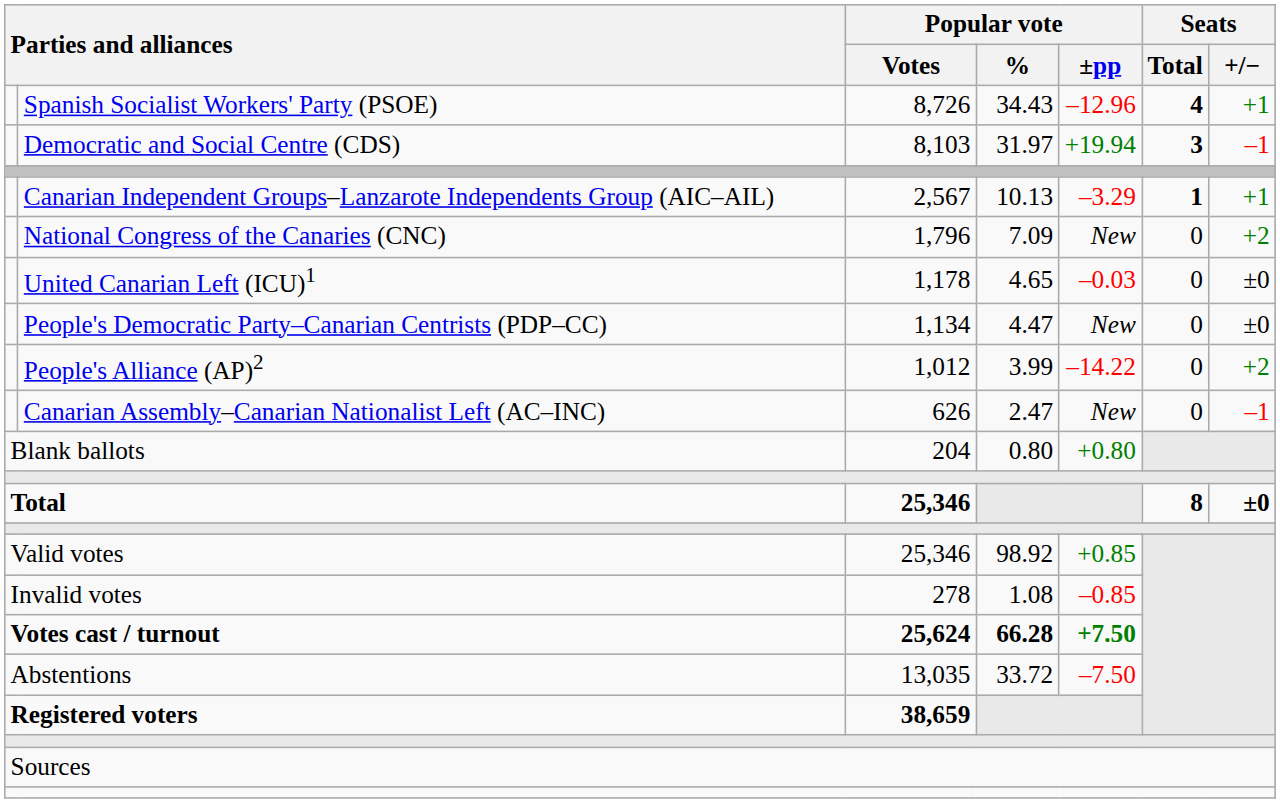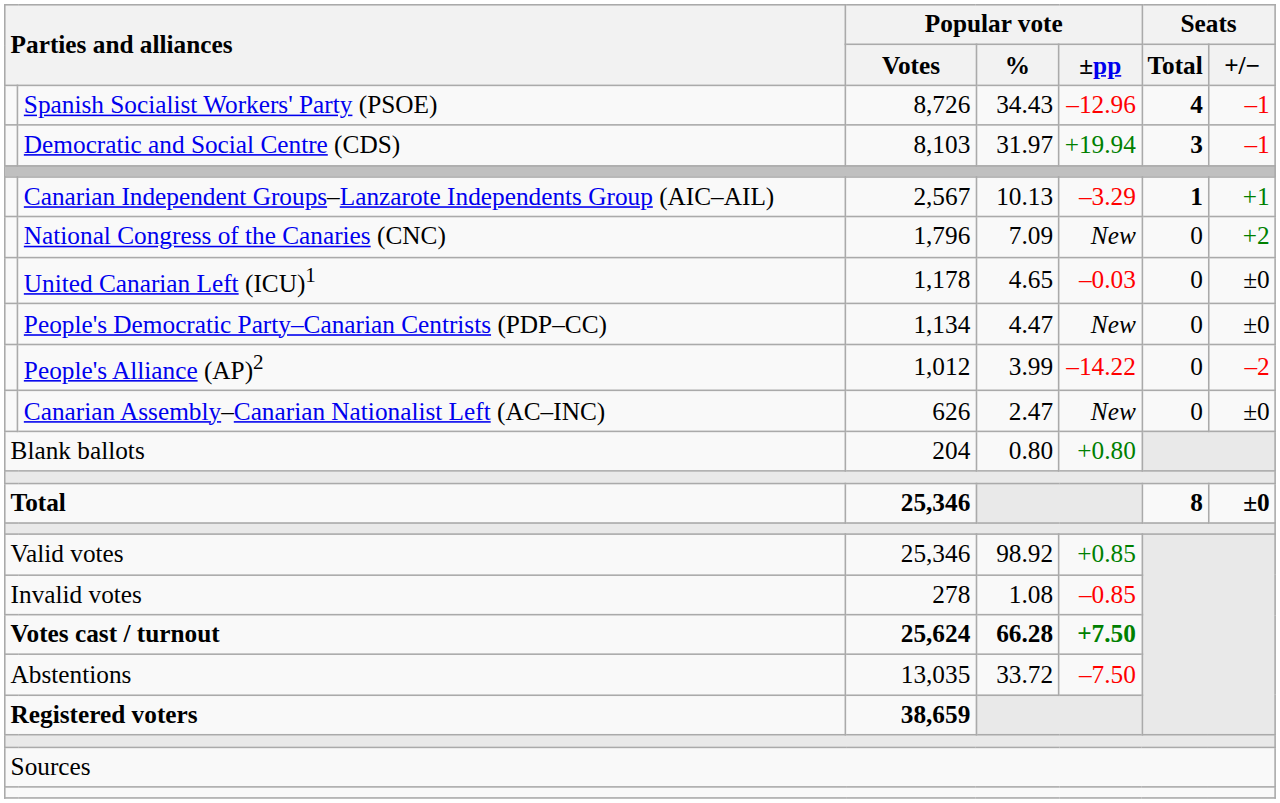 <table class="wikitable" style="text-align:right;">
 <tr>
 <th style="text-align:left;" rowspan="2" colspan="2" width="525">Parties and alliances</th>
 <th colspan="3">Popular vote</th>
 <th colspan="2">Seats</th>
 </tr>
 <tr>
 <th width="75">Votes</th>
 <th width="45">%</th>
 <th width="45">±<a href='#'>pp</a></th>
 <th width="35">Total</th>
 <th width="35">+/−</th>
 </tr>
 <tr>
 <td width="1" style="color:inherit;background:"></td>
 <td align="left"><a href='#'>Spanish Socialist Workers' Party</a> (PSOE)</td>
 <td>8,726</td>
 <td>34.43</td>
 <td style="color:red;">–12.96</td>
 <td><strong>4</strong></td>
-<td style="color:green;">+1</td>
+<td style="color:red;">–1</td>
 </tr>
 <tr>
 <td style="color:inherit;background:"></td>
 <td align="left"><a href='#'>Democratic and Social Centre</a> (CDS)</td>
 <td>8,103</td>
 <td>31.97</td>
 <td style="color:green;">+19.94</td>
 <td><strong>3</strong></td>
 <td style="color:red;">–1</td>
 </tr>
 <tr>
 <td colspan="7" bgcolor="#C0C0C0"></td>
 </tr>
 <tr>
 <td style="color:inherit;background:"></td>
 <td align="left"><a href='#'>Canarian Independent Groups</a>–<a href='#'>Lanzarote Independents Group</a> (AIC–AIL)</td>
 <td>2,567</td>
 <td>10.13</td>
 <td style="color:red;">–3.29</td>
 <td><strong>1</strong></td>
 <td style="color:green;">+1</td>
 </tr>
 <tr>
 <td style="color:inherit;background:"></td>
 <td align="left"><a href='#'>National Congress of the Canaries</a> (CNC)</td>
 <td>1,796</td>
 <td>7.09</td>
 <td><em>New</em></td>
 <td>0</td>
 <td style="color:green;">+2</td>
 </tr>
 <tr>
 <td style="color:inherit;background:"></td>
 <td align="left"><a href='#'>United Canarian Left</a> (ICU)<sup>1</sup></td>
 <td>1,178</td>
 <td>4.65</td>
 <td style="color:red;">–0.03</td>
 <td>0</td>
 <td>±0</td>
 </tr>
 <tr>
 <td style="color:inherit;background:"></td>
 <td align="left"><a href='#'>People's Democratic Party–Canarian Centrists</a> (PDP–CC)</td>
 <td>1,134</td>
 <td>4.47</td>
 <td><em>New</em></td>
 <td>0</td>
 <td>±0</td>
 </tr>
 <tr>
 <td style="color:inherit;background:"></td>
 <td align="left"><a href='#'>People's Alliance</a> (AP)<sup>2</sup></td>
 <td>1,012</td>
 <td>3.99</td>
 <td style="color:red;">–14.22</td>
 <td>0</td>
-<td style="color:green;">+2</td>
+<td style="color:red;">–2</td>
 </tr>
 <tr>
 <td style="color:inherit;background:"></td>
 <td align="left"><a href='#'>Canarian Assembly</a>–<a href='#'>Canarian Nationalist Left</a> (AC–INC)</td>
 <td>626</td>
 <td>2.47</td>
 <td><em>New</em></td>
 <td>0</td>
-<td style="color:red;">–1</td>
+<td>±0</td>
 </tr>
 <tr>
 <td align="left" colspan="2">Blank ballots</td>
 <td>204</td>
 <td>0.80</td>
 <td style="color:green;">+0.80</td>
 <td bgcolor="#E9E9E9" colspan="2"></td>
 </tr>
 <tr>
 <td colspan="7" bgcolor="#E9E9E9"></td>
 </tr>
 <tr style="font-weight:bold;">
 <td align="left" colspan="2">Total</td>
 <td>25,346</td>
 <td bgcolor="#E9E9E9" colspan="2"></td>
 <td>8</td>
 <td>±0</td>
 </tr>
 <tr>
 <td colspan="7" bgcolor="#E9E9E9"></td>
 </tr>
 <tr>
 <td align="left" colspan="2">Valid votes</td>
 <td>25,346</td>
 <td>98.92</td>
 <td style="color:green;">+0.85</td>
 <td bgcolor="#E9E9E9" colspan="2" rowspan="5"></td>
 </tr>
 <tr>
 <td align="left" colspan="2">Invalid votes</td>
 <td>278</td>
 <td>1.08</td>
 <td style="color:red;">–0.85</td>
 </tr>
 <tr style="font-weight:bold;">
 <td align="left" colspan="2">Votes cast / turnout</td>
 <td>25,624</td>
 <td>66.28</td>
 <td style="color:green;">+7.50</td>
 </tr>
 <tr>
 <td align="left" colspan="2">Abstentions</td>
 <td>13,035</td>
 <td>33.72</td>
 <td style="color:red;">–7.50</td>
 </tr>
 <tr style="font-weight:bold;">
 <td align="left" colspan="2">Registered voters</td>
 <td>38,659</td>
 <td bgcolor="#E9E9E9" colspan="2"></td>
 </tr>
 <tr>
 <td colspan="7" bgcolor="#E9E9E9"></td>
 </tr>
 <tr>
 <td align="left" colspan="7">Sources</td>
 </tr>
 <tr>
 <td colspan="7" style="text-align:left; max-width:790px;"></td>
 </tr>
 </table>
